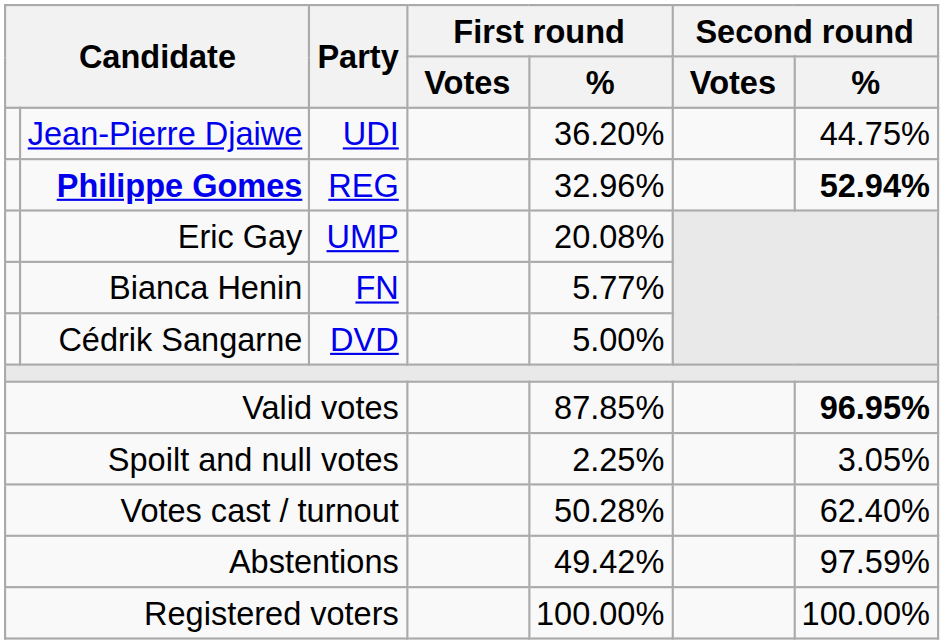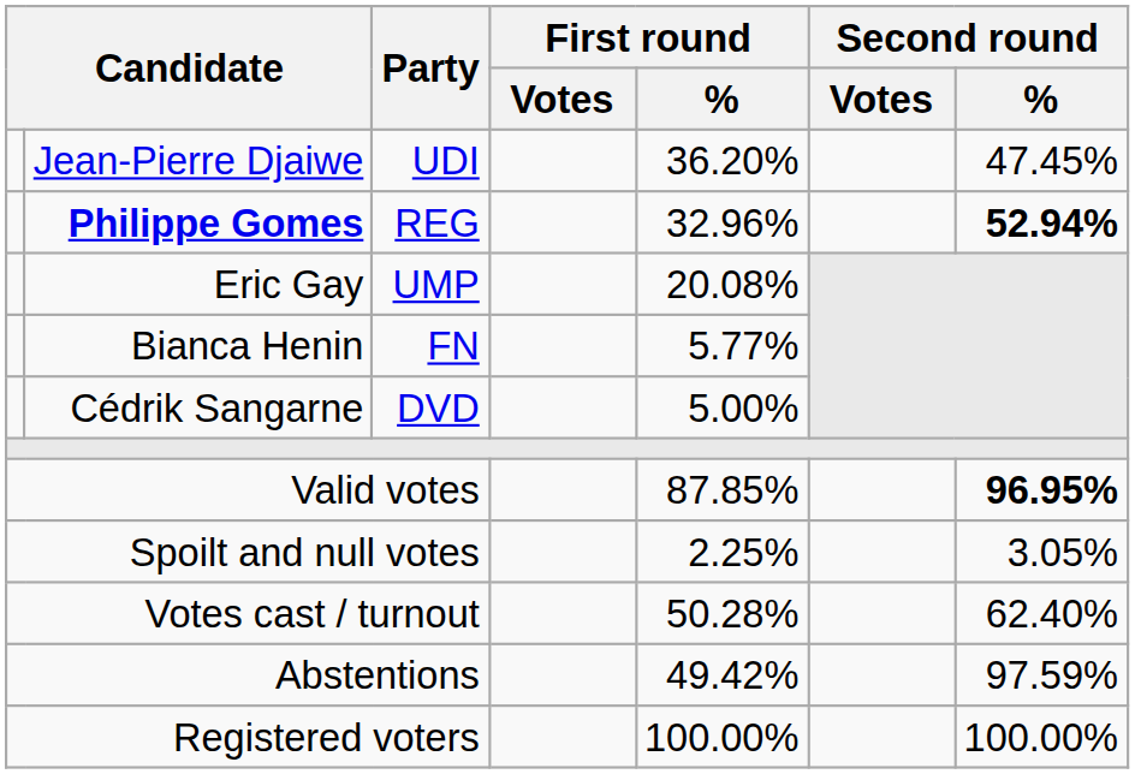 <table class="wikitable" style="text-align:right;font-size:95%;">
 <tr>
 <th rowspan=2 colspan=2>Candidate</th>
 <th rowspan=2 colspan=1>Party</th>
 <th colspan=2>First round</th>
 <th colspan=2>Second round</th>
 </tr>
 <tr>
 <th style="width:50px;">Votes</th>
 <th style="width:55px;">%</th>
 <th style="width:50px;">Votes</th>
 <th style="width:55px;">%</th>
 </tr>
 <tr>
 <td style="color:inherit;background:"></td>
 <td><a href='#'>Jean-Pierre Djaiwe</a></td>
 <td><a href='#'>UDI</a></td>
 <td></td>
 <td>36.20%</td>
 <td></td>
-<td>44.75%</td>
+<td>47.45%</td>
 </tr>
 <tr>
 <td style="color:inherit;background-color:"></td>
 <td><strong><a href='#'>Philippe Gomes</a></strong></td>
 <td><a href='#'>REG</a></td>
 <td></td>
 <td>32.96%</td>
 <td><strong></strong></td>
 <td><strong>52.94%</strong></td>
 </tr>
 <tr>
 <td style="color:inherit;background-color:"></td>
 <td>Eric Gay</td>
 <td><a href='#'>UMP</a></td>
 <td></td>
 <td>20.08%</td>
 <td colspan=7 rowspan=3 style="background-color:#E9E9E9;"></td>
 </tr>
 <tr>
 <td style="color:inherit;background-color:"></td>
 <td>Bianca Henin</td>
 <td><a href='#'>FN</a></td>
 <td></td>
 <td>5.77%</td>
 </tr>
 <tr>
 <td style="color:inherit;background-color:"></td>
 <td>Cédrik Sangarne</td>
 <td><a href='#'>DVD</a></td>
 <td></td>
 <td>5.00%</td>
 </tr>
 <tr>
 <td colspan=7 style="background-color:#E9E9E9;"></td>
 </tr>
 <tr>
 <td colspan=3>Valid votes</td>
 <td></td>
 <td>87.85%</td>
 <td></td>
 <td><strong>96.95%</strong></td>
 </tr>
 <tr>
 <td colspan=3>Spoilt and null votes</td>
 <td></td>
 <td>2.25%</td>
 <td></td>
 <td>3.05%</td>
 </tr>
 <tr>
 <td colspan=3>Votes cast / turnout</td>
 <td></td>
 <td>50.28%</td>
 <td></td>
 <td>62.40%</td>
 </tr>
 <tr>
 <td colspan=3>Abstentions</td>
 <td></td>
 <td>49.42%</td>
 <td></td>
 <td>97.59%</td>
 </tr>
 <tr>
 <td colspan=3>Registered voters</td>
 <td></td>
 <td>100.00%</td>
 <td></td>
 <td>100.00%</td>
 </tr>
 </table>
